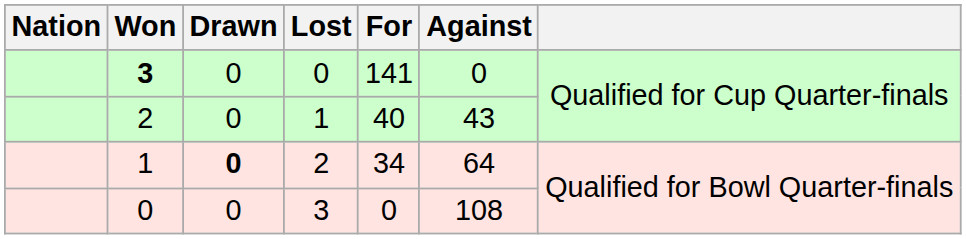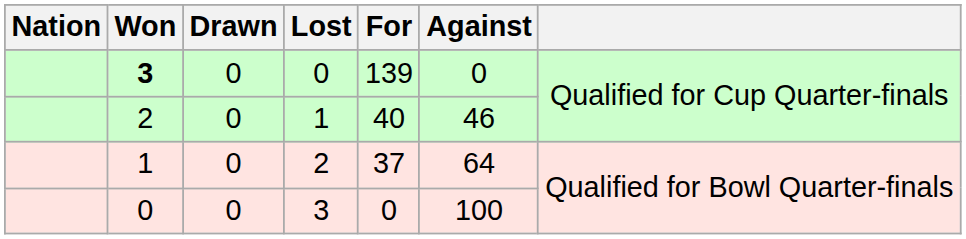 <table class="wikitable" style="text-align: center;">
 <tr>
 <th>Nation</th>
 <th>Won</th>
 <th>Drawn</th>
 <th>Lost</th>
 <th>For</th>
 <th>Against</th>
 <th></th>
 </tr>
 <tr bgcolor="#ccffcc">
 <td align="left"></td>
 <td><strong>3</strong></td>
 <td>0</td>
 <td>0</td>
-<td>141</td>
+<td>139</td>
 <td>0</td>
 <td rowspan="2">Qualified for Cup Quarter-finals</td>
 </tr>
 <tr bgcolor="#ccffcc">
 <td align="left"></td>
 <td>2</td>
 <td>0</td>
 <td>1</td>
 <td>40</td>
-<td>43</td>
+<td>46</td>
 </tr>
 <tr bgcolor="FFE4E1">
 <td align="left"></td>
 <td>1</td>
-<td><strong>0</strong></td>
+<td>0</td>
 <td>2</td>
-<td>34</td>
+<td>37</td>
 <td>64</td>
 <td rowspan="2">Qualified for Bowl Quarter-finals</td>
 </tr>
 <tr bgcolor="FFE4E1">
 <td align="left"></td>
 <td>0</td>
 <td>0</td>
 <td>3</td>
 <td>0</td>
-<td>108</td>
+<td>100</td>
 </tr>
 </table>
